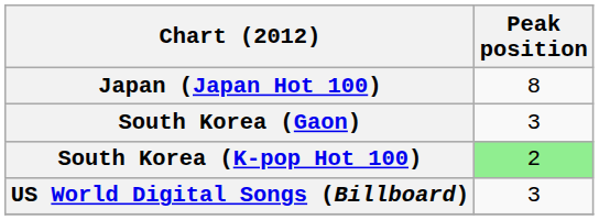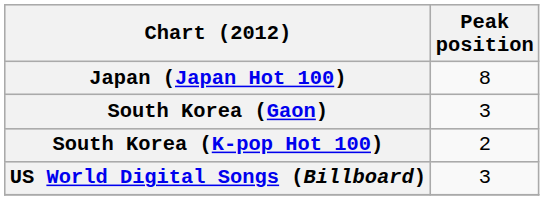 <table class="wikitable sortable plainrowheaders">
 <tr>
 <th>Chart (2012)</th>
 <th>Peak<br>position</th>
 </tr>
 <tr>
 <th scope="row">Japan (<a href='#'>Japan Hot 100</a>)</th>
 <td align="center">8</td>
 </tr>
 <tr>
 <th scope="row">South Korea (<a href='#'>Gaon</a>)</th>
 <td align="center">3</td>
 </tr>
 <tr>
 <th scope="row">South Korea (<a href='#'>K-pop Hot 100</a>)</th>
-<td align="center" style="background: lightgreen;">2</td>
+<td align="center">2</td>
 </tr>
 <tr>
 <th scope="row">US <a href='#'>World Digital Songs</a> (<em>Billboard</em>)</th>
 <td align="center">3</td>
 </tr>
 <tr>
 </tr>
 </table>
